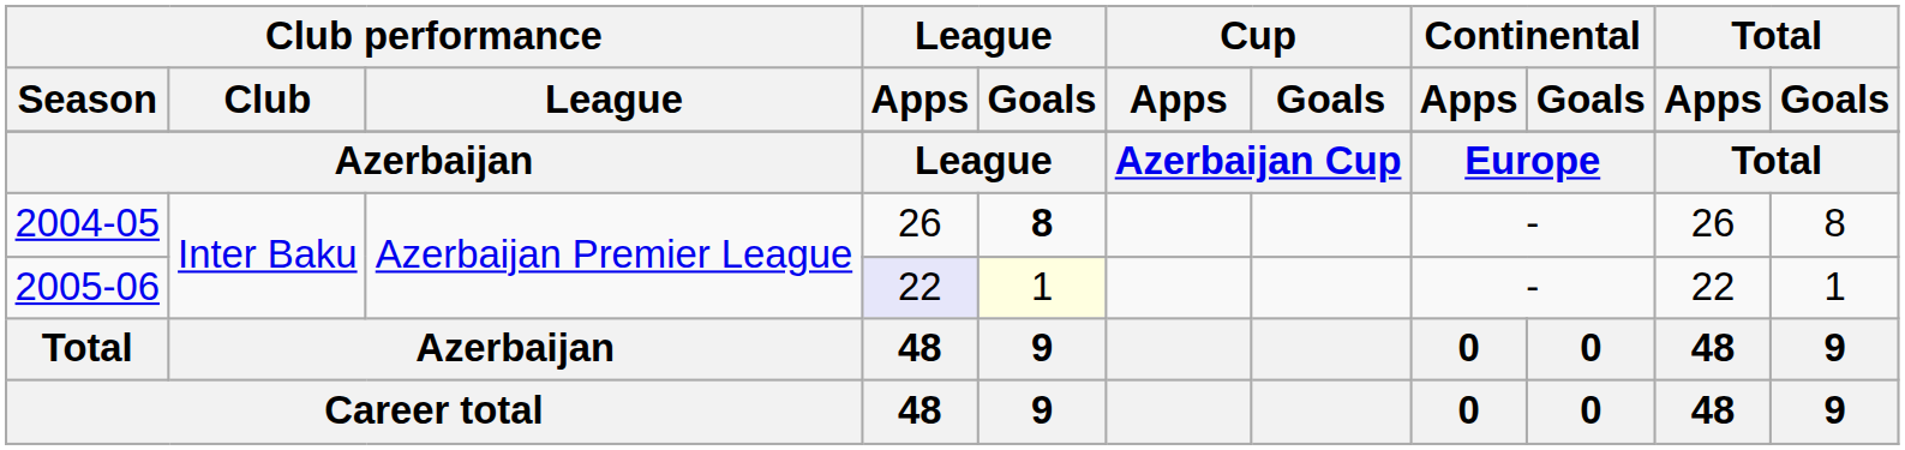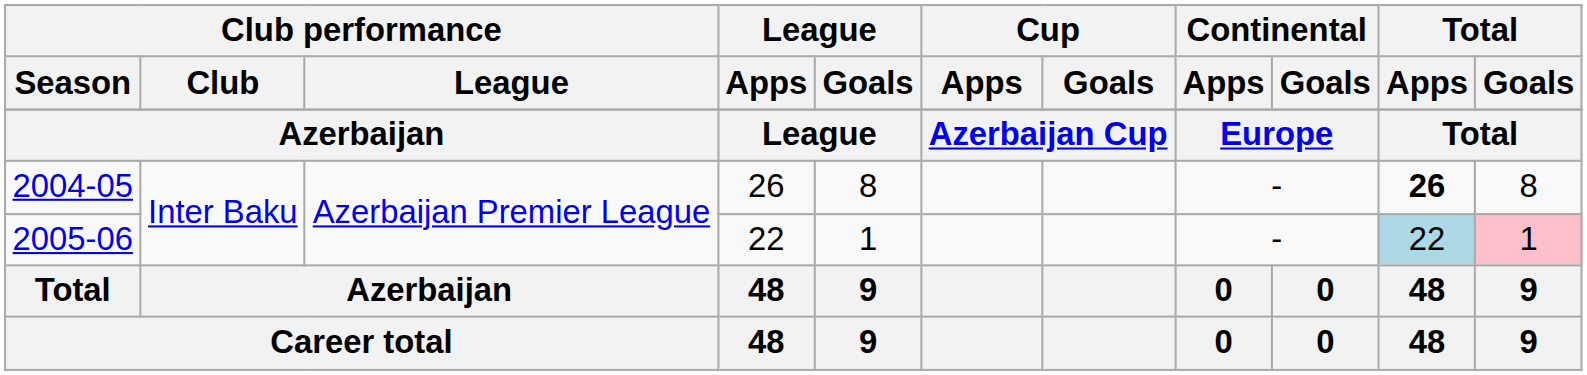 <table class="wikitable" style="text-align:center">
 <tr>
 <th colspan=3>Club performance</th>
 <th colspan=2>League</th>
 <th colspan=2>Cup</th>
 <th colspan=2>Continental</th>
 <th colspan=2>Total</th>
 </tr>
 <tr>
 <th>Season</th>
 <th>Club</th>
 <th>League</th>
 <th>Apps</th>
 <th>Goals</th>
 <th>Apps</th>
 <th>Goals</th>
 <th>Apps</th>
 <th>Goals</th>
 <th>Apps</th>
 <th>Goals</th>
 </tr>
 <tr>
 </tr>
 <tr>
 <th colspan=3>Azerbaijan</th>
 <th colspan=2>League</th>
 <th colspan=2><a href='#'>Azerbaijan Cup</a></th>
 <th colspan=2><a href='#'>Europe</a></th>
 <th colspan=2>Total</th>
 </tr>
 <tr>
 <td><a href='#'>2004-05</a></td>
 <td rowspan="2"><a href='#'>Inter Baku</a></td>
 <td rowspan="2"><a href='#'>Azerbaijan Premier League</a></td>
 <td>26</td>
-<td><strong>8</strong></td>
+<td>8</td>
 <td></td>
 <td></td>
 <td colspan="2">-</td>
-<td>26</td>
+<td><strong>26</strong></td>
 <td>8</td>
 </tr>
 <tr>
 <td><a href='#'>2005-06</a></td>
-<td style="background: lavender;">22</td>
-<td style="background: lightyellow;">1</td>
+<td>22</td>
+<td>1</td>
 <td></td>
 <td></td>
 <td colspan="2">-</td>
-<td>22</td>
-<td>1</td>
+<td style="background: lightblue;">22</td>
+<td style="background: pink;">1</td>
 </tr>
 <tr>
 <th rowspan=1>Total</th>
 <th colspan=2>Azerbaijan</th>
 <th>48</th>
 <th>9</th>
 <th></th>
 <th></th>
 <th>0</th>
 <th>0</th>
 <th>48</th>
 <th>9</th>
 </tr>
 <tr>
 <th colspan=3>Career total</th>
 <th>48</th>
 <th>9</th>
 <th></th>
 <th></th>
 <th>0</th>
 <th>0</th>
 <th>48</th>
 <th>9</th>
 </tr>
 </table>
